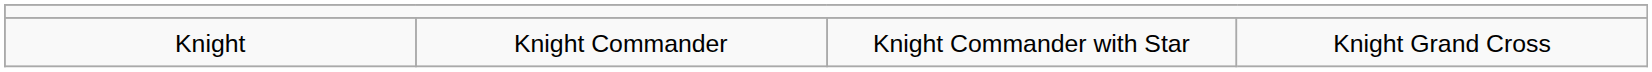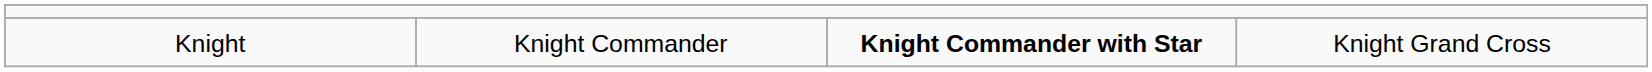 <table style="margin: 1em auto;" class="wikitable" style="margin:auto; width:60%;">
 <tr>
 <td colspan="4" style="text-align:center;"></td>
 </tr>
 <tr>
 <td style="vertical-align:top; width:20%; text-align:center;"><small>Knight</small></td>
 <td style="vertical-align:top; width:20%; text-align:center;"><small>Knight Commander</small></td>
-<td style="vertical-align:top; width:20%; text-align:center;"><small>Knight Commander with Star</small></td>
+<td style="vertical-align:top; width:20%; text-align:center;"><strong><small>Knight Commander with Star</small></strong></td>
 <td style="vertical-align:top; width:20%; text-align:center;"><small>Knight Grand Cross</small></td>
 </tr>
 </table>
